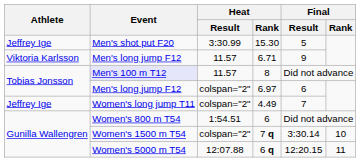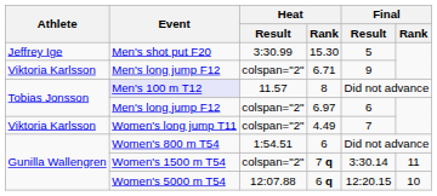 <table class=wikitable style="font-size:90%;">
 <tr>
 <th rowspan="2">Athlete</th>
 <th rowspan="2">Event</th>
 <th colspan="2">Heat</th>
 <th colspan="2">Final</th>
 </tr>
 <tr>
 <th>Result</th>
 <th>Rank</th>
 <th>Result</th>
 <th>Rank</th>
 </tr>
 <tr>
 <td><a href='#'>Jeffrey Ige</a></td>
 <td><a href='#'>Men's shot put F20</a></td>
 <td align=center>3:30.99</td>
 <td align=center>15.30</td>
 <td align=center>5</td>
 </tr>
 <tr>
 <td><a href='#'>Viktoria Karlsson</a></td>
 <td><a href='#'>Men's long jump F12</a></td>
-<td align=center>11.57</td>
+<td>colspan="2" </td>
 <td align=center>6.71</td>
 <td align=center>9</td>
 </tr>
 <tr>
 <td rowspan=2><a href='#'>Tobias Jonsson</a></td>
 <td style="background: lavender;"><a href='#'>Men's 100 m T12</a></td>
 <td align=center>11.57</td>
 <td align=center>8</td>
 <td align=center colspan=2>Did not advance</td>
 </tr>
 <tr>
 <td><a href='#'>Men's long jump F12</a></td>
 <td>colspan="2" </td>
 <td align=center>6.97</td>
 <td align=center>6</td>
 </tr>
 <tr>
-<td><a href='#'>Jeffrey Ige</a></td>
+<td><a href='#'>Viktoria Karlsson</a></td>
 <td><a href='#'>Women's long jump T11</a></td>
 <td>colspan="2" </td>
 <td align=center>4.49</td>
 <td align=center>7</td>
 </tr>
 <tr>
 <td rowspan=3><a href='#'>Gunilla Wallengren</a></td>
 <td><a href='#'>Women's 800 m T54</a></td>
 <td align=center>1:54.51</td>
 <td align=center>6</td>
 <td align=center colspan=2>Did not advance</td>
 </tr>
 <tr>
 <td><a href='#'>Women's 1500 m T54</a></td>
 <td>colspan="2" </td>
 <td align=center>7 <strong>q</strong></td>
 <td align=center>3:30.14</td>
-<td align=center>10</td>
+<td align=center>11</td>
 </tr>
 <tr>
 <td><a href='#'>Women's 5000 m T54</a></td>
 <td align=center>12:07.88</td>
 <td align=center>6 <strong>q</strong></td>
 <td align=center>12:20.15</td>
-<td align=center>11</td>
+<td align=center>10</td>
 </tr>
 </table>
